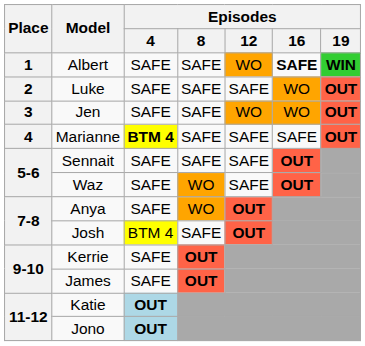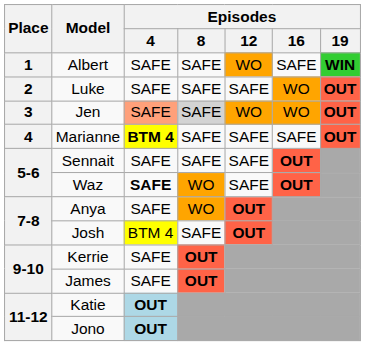 <table class="wikitable" style="text-align:center; font-size:92%">
 <tr>
 <th rowspan="2">Place</th>
 <th rowspan="2">Model</th>
 <th colspan="13">Episodes</th>
 </tr>
 <tr>
 <th>4</th>
 <th>8</th>
 <th>12</th>
 <th>16</th>
 <th>19</th>
 </tr>
 <tr>
 <th>1</th>
 <td>Albert</td>
 <td>SAFE</td>
 <td>SAFE</td>
 <td style="background:orange;">WO</td>
-<td><strong>SAFE</strong></td>
+<td>SAFE</td>
 <td style="background:limegreen;"><strong>WIN</strong></td>
 </tr>
 <tr>
 <th>2</th>
 <td>Luke</td>
 <td>SAFE</td>
 <td>SAFE</td>
 <td>SAFE</td>
 <td style="background:orange;">WO</td>
 <td style="background:tomato;"><strong>OUT</strong></td>
 </tr>
 <tr>
 <th>3</th>
 <td>Jen</td>
-<td>SAFE</td>
-<td>SAFE</td>
+<td style="background: lightsalmon;">SAFE</td>
+<td style="background: lightgrey;">SAFE</td>
 <td style="background:orange;">WO</td>
 <td style="background:orange;">WO</td>
 <td style="background:tomato;"><strong>OUT</strong></td>
 </tr>
 <tr>
 <th>4</th>
 <td>Marianne</td>
 <td style="background:yellow;"><strong>BTM 4</strong></td>
 <td>SAFE</td>
 <td>SAFE</td>
 <td>SAFE</td>
 <td style="background:tomato;"><strong>OUT</strong></td>
 </tr>
 <tr>
 <th rowspan=2>5-6</th>
 <td>Sennait</td>
 <td>SAFE</td>
 <td>SAFE</td>
 <td>SAFE</td>
 <td style="background:tomato;"><strong>OUT</strong></td>
 <td style="background:darkgray;" colspan="1"></td>
 </tr>
 <tr>
 <td>Waz</td>
-<td>SAFE</td>
+<td><strong>SAFE</strong></td>
 <td style="background:orange;">WO</td>
 <td>SAFE</td>
 <td style="background:tomato;"><strong>OUT</strong></td>
 <td style="background:darkgray;" colspan="1"></td>
 </tr>
 <tr>
 <th rowspan=2>7-8</th>
 <td>Anya</td>
 <td>SAFE</td>
 <td style="background:orange;">WO</td>
 <td style="background:tomato;"><strong>OUT</strong></td>
 <td style="background:darkgray;" colspan="2"></td>
 </tr>
 <tr>
 <td>Josh</td>
 <td style="background:yellow;">BTM 4</td>
 <td>SAFE</td>
 <td style="background:tomato;"><strong>OUT</strong></td>
 <td style="background:darkgray;" colspan="2"></td>
 </tr>
 <tr>
 <th rowspan=2>9-10</th>
 <td>Kerrie</td>
 <td>SAFE</td>
 <td style="background:tomato;"><strong>OUT</strong></td>
 <td style="background:darkgray;" colspan="3"></td>
 </tr>
 <tr>
 <td>James</td>
 <td>SAFE</td>
 <td style="background:tomato;"><strong>OUT</strong></td>
 <td style="background:darkgray;" colspan="3"></td>
 </tr>
 <tr>
 <th rowspan=2>11-12</th>
 <td>Katie</td>
 <td style="background:lightblue;"><strong>OUT</strong></td>
 <td style="background:darkgray;" colspan="4"></td>
 </tr>
 <tr>
 <td>Jono</td>
 <td style="background:lightblue;"><strong>OUT</strong></td>
 <td style="background:darkgray;" colspan="4"></td>
 </tr>
 <tr>
 </tr>
 </table>
